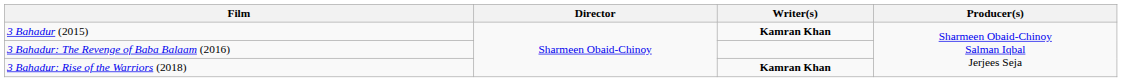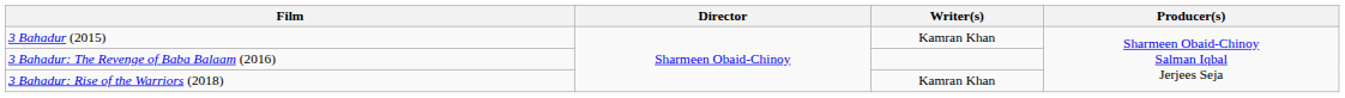 <table class="wikitable" style="width:99%;">
 <tr>
 <th rowspan="1">Film</th>
 <th colspan="1">Director</th>
 <th colspan="1">Writer(s)</th>
 <th colspan="1">Producer(s)</th>
 </tr>
 <tr>
 <td><em><a href='#'>3 Bahadur</a></em> (2015)</td>
 <td rowspan="3" align="center"><a href='#'>Sharmeen Obaid-Chinoy</a></td>
-<td align="center"><strong>Kamran Khan</strong></td>
+<td align="center">Kamran Khan</td>
 <td rowspan="3" align="center"><a href='#'>Sharmeen Obaid-Chinoy</a><br><a href='#'>Salman Iqbal</a><br> Jerjees Seja</td>
 </tr>
 <tr>
 <td><em><a href='#'>3 Bahadur: The Revenge of Baba Balaam</a></em> (2016)</td>
 <td></td>
 </tr>
 <tr>
 <td><em><a href='#'>3 Bahadur: Rise of the Warriors</a></em> (2018)</td>
-<td align="center"><strong>Kamran Khan</strong></td>
+<td align="center">Kamran Khan</td>
 </tr>
 </table>
